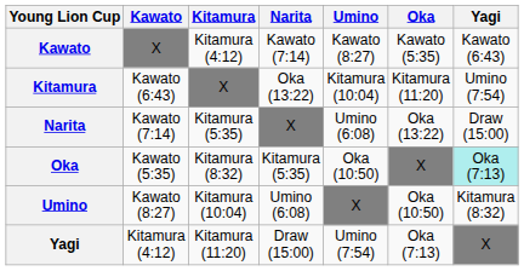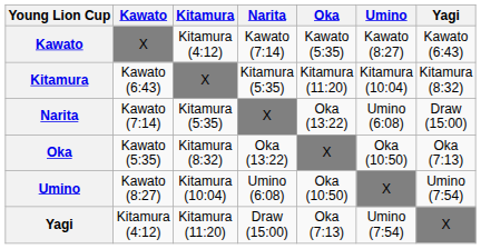 <table class="wikitable" style="margin: 1em auto 1em auto">
 <tr align="center">
 <th>Young Lion Cup</th>
 <th><a href='#'>Kawato</a></th>
 <th><a href='#'>Kitamura</a></th>
 <th><a href='#'>Narita</a></th>
+<th><a href='#'>Oka</a></th>
 <th><a href='#'>Umino</a></th>
-<th><a href='#'>Oka</a></th>
 <th>Yagi</th>
 </tr>
 <tr align="center">
 <th><a href='#'>Kawato</a></th>
 <td bgcolor=grey>X</td>
 <td>Kitamura<br>(4:12)</td>
 <td>Kawato<br>(7:14)</td>
+<td>Kawato<br>(5:35)</td>
 <td>Kawato<br>(8:27)</td>
-<td>Kawato<br>(5:35)</td>
 <td>Kawato<br>(6:43)</td>
 </tr>
 <tr align="center">
 <th><a href='#'>Kitamura</a></th>
 <td>Kawato<br>(6:43)</td>
 <td bgcolor=grey>X</td>
-<td>Oka<br>(13:22)</td>
+<td>Kitamura<br>(5:35)</td>
+<td>Kitamura<br>(11:20)</td>
 <td>Kitamura<br>(10:04)</td>
-<td>Kitamura<br>(11:20)</td>
-<td>Umino<br>(7:54)</td>
+<td>Kitamura<br>(8:32)</td>
 </tr>
 <tr align="center">
 <th><a href='#'>Narita</a></th>
 <td>Kawato<br>(7:14)</td>
 <td>Kitamura<br>(5:35)</td>
 <td bgcolor=grey>X</td>
+<td>Oka<br>(13:22)</td>
 <td>Umino<br>(6:08)</td>
-<td>Oka<br>(13:22)</td>
 <td>Draw<br>(15:00)</td>
 </tr>
 <tr align="center">
 <th><a href='#'>Oka</a></th>
 <td>Kawato<br>(5:35)</td>
 <td>Kitamura<br>(8:32)</td>
-<td>Kitamura<br>(5:35)</td>
+<td>Oka<br>(13:22)</td>
+<td bgcolor=grey>X</td>
 <td>Oka<br>(10:50)</td>
-<td bgcolor=grey>X</td>
-<td style="background: paleturquoise;">Oka<br>(7:13)</td>
+<td>Oka<br>(7:13)</td>
 </tr>
 <tr align="center">
 <th><a href='#'>Umino</a></th>
 <td>Kawato<br>(8:27)</td>
 <td>Kitamura<br>(10:04)</td>
 <td>Umino<br>(6:08)</td>
+<td>Oka<br>(10:50)</td>
 <td bgcolor=grey>X</td>
-<td>Oka<br>(10:50)</td>
-<td>Kitamura<br>(8:32)</td>
+<td>Umino<br>(7:54)</td>
 </tr>
 <tr align="center">
 <th>Yagi</th>
 <td>Kitamura<br>(4:12)</td>
 <td>Kitamura<br>(11:20)</td>
 <td>Draw<br>(15:00)</td>
+<td>Oka<br>(7:13)</td>
 <td>Umino<br>(7:54)</td>
-<td>Oka<br>(7:13)</td>
 <td bgcolor=grey>X</td>
 </tr>
 </table>
